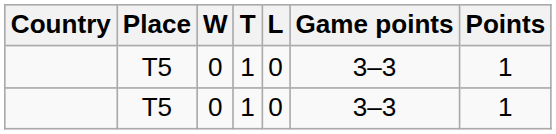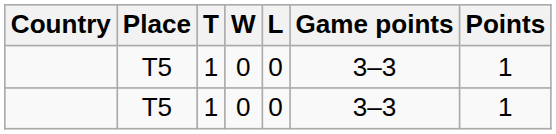 <table class="wikitable sortable" style="text-align:center">
 <tr>
 <th>Country</th>
 <th>Place</th>
+<th>T</th>
 <th>W</th>
-<th>T</th>
 <th>L</th>
 <th>Game points</th>
 <th>Points</th>
 </tr>
 <tr>
 <td align=left></td>
 <td>T5</td>
+<td>1</td>
 <td>0</td>
-<td>1</td>
 <td>0</td>
 <td>3–3</td>
 <td>1</td>
 </tr>
 <tr>
 <td align=left></td>
 <td>T5</td>
+<td>1</td>
 <td>0</td>
-<td>1</td>
 <td>0</td>
 <td>3–3</td>
 <td>1</td>
 </tr>
 </table>
